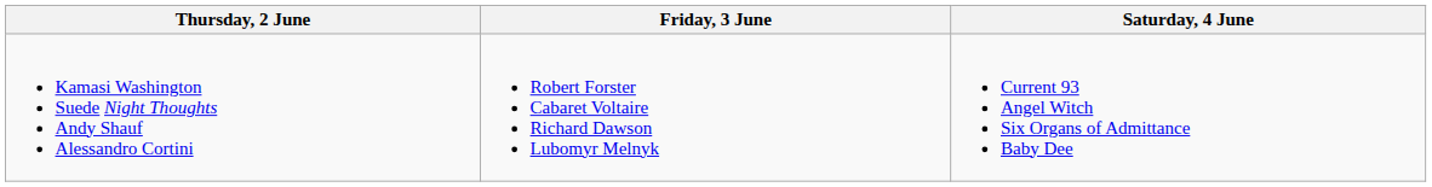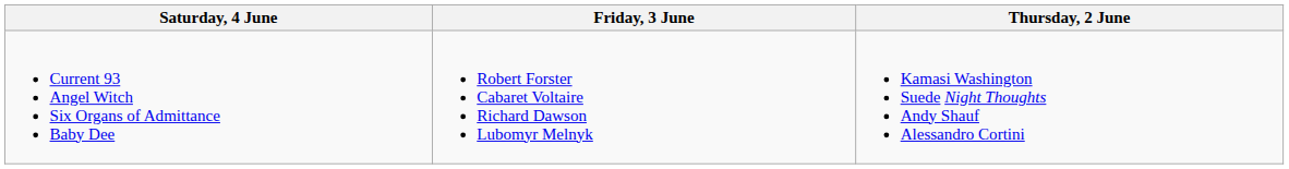 <table class="wikitable">
 <tr>
+<th width="500">Saturday, 4 June</th>
+<th width="500">Friday, 3 June</th>
 <th width="500">Thursday, 2 June</th>
-<th width="500">Friday, 3 June</th>
-<th width="500">Saturday, 4 June</th>
 </tr>
 <tr valign="top">
+<td><br><ul><li><a href='#'>Current 93</a></li><li><a href='#'>Angel Witch</a></li><li><a href='#'>Six Organs of Admittance</a></li><li><a href='#'>Baby Dee</a></li></ul></td>
+<td><br><ul><li><a href='#'>Robert Forster</a></li><li><a href='#'>Cabaret Voltaire</a></li><li><a href='#'>Richard Dawson</a></li><li><a href='#'>Lubomyr Melnyk</a></li></ul></td>
 <td><br><ul><li><a href='#'>Kamasi Washington</a></li><li><a href='#'>Suede</a> <em><a href='#'>Night Thoughts</a></em></li><li><a href='#'>Andy Shauf</a></li><li><a href='#'>Alessandro Cortini</a></li></ul></td>
-<td><br><ul><li><a href='#'>Robert Forster</a></li><li><a href='#'>Cabaret Voltaire</a></li><li><a href='#'>Richard Dawson</a></li><li><a href='#'>Lubomyr Melnyk</a></li></ul></td>
-<td><br><ul><li><a href='#'>Current 93</a></li><li><a href='#'>Angel Witch</a></li><li><a href='#'>Six Organs of Admittance</a></li><li><a href='#'>Baby Dee</a></li></ul></td>
 </tr>
 </table>
